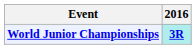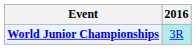 <table class="wikitable" style="font-size: 90%; text-align:center">
 <tr>
 <th>Event</th>
 <th>2016</th>
 </tr>
 <tr>
 <td bgcolor="#ECF2FF"; align="left"><strong><a href='#'>World Junior Championships</a></strong></td>
-<td bgcolor=AFEEEE><strong><a href='#'>3R</a></strong></td>
+<td bgcolor=AFEEEE><a href='#'>3R</a></td>
 </tr>
 </table>
